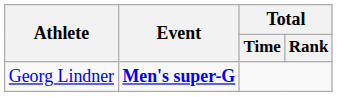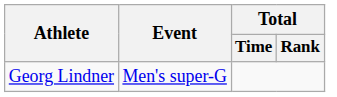 <table class="wikitable" style="font-size:90%">
 <tr>
 <th rowspan=2>Athlete</th>
 <th rowspan=2>Event</th>
 <th colspan=2>Total</th>
 </tr>
 <tr style="font-size:95%">
 <th>Time</th>
 <th>Rank</th>
 </tr>
 <tr align=center>
 <td align=left><a href='#'>Georg Lindner</a></td>
-<td align=left><strong><a href='#'>Men's super-G</a></strong></td>
+<td align=left><a href='#'>Men's super-G</a></td>
 <td colspan="2"></td>
 </tr>
 </table>
